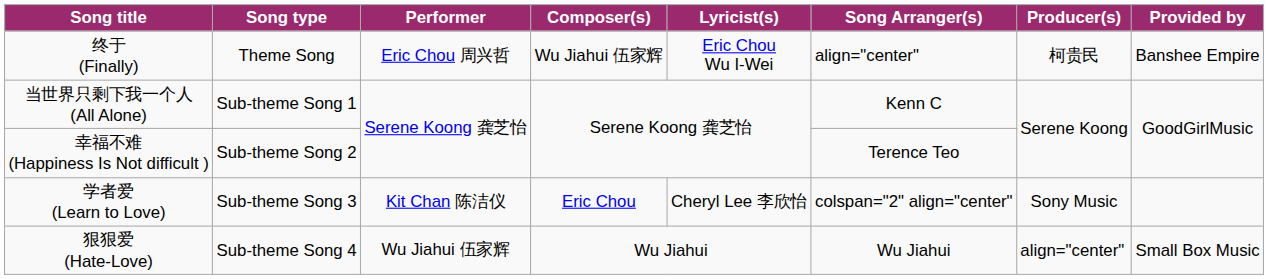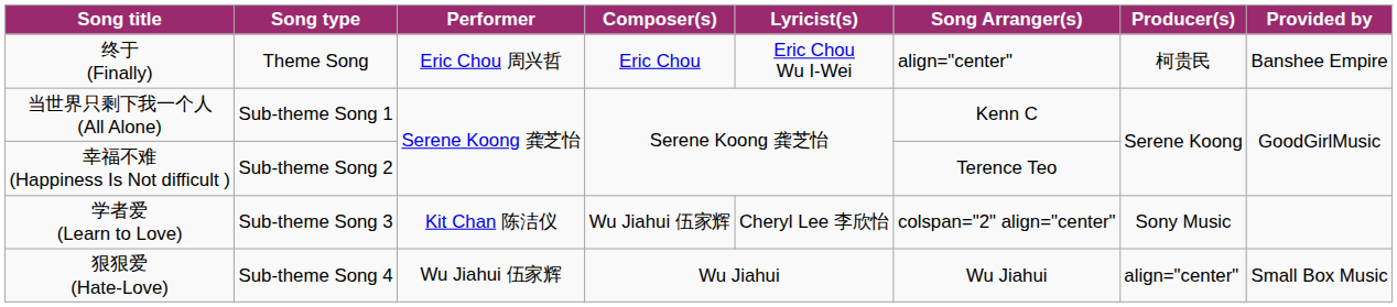 <table class="wikitable" align=center>
 <tr>
 <th style="background:#9A296D; color:white">Song title</th>
 <th style="background:#9A296D; color:white">Song type</th>
 <th style="background:#9A296D; color:white">Performer</th>
 <th style="background:#9A296D; color:white">Composer(s)</th>
 <th style="background:#9A296D; color:white">Lyricist(s)</th>
 <th style="background:#9A296D; color:white">Song Arranger(s)</th>
 <th style="background:#9A296D; color:white">Producer(s)</th>
 <th style="background:#9A296D; color:white">Provided by</th>
 </tr>
 <tr>
 <td align="center">终于 <br> (Finally)</td>
 <td align="center">Theme Song</td>
 <td align="center"><a href='#'>Eric Chou</a> 周兴哲</td>
-<td align="center">Wu Jiahui 伍家辉</td>
+<td align="center"><a href='#'>Eric Chou</a></td>
 <td align="center"><a href='#'>Eric Chou</a> <br> Wu I-Wei</td>
 <td>align="center" </td>
 <td align="center">柯贵民</td>
 <td align="center">Banshee Empire</td>
 </tr>
 <tr>
 <td align="center">当世界只剩下我一个人 <br> (All Alone)</td>
 <td align="center">Sub-theme Song 1</td>
 <td rowspan="2" align="center"><a href='#'>Serene Koong</a> 龚芝怡</td>
 <td colspan="2" rowspan="2" align="center">Serene Koong 龚芝怡</td>
 <td align="center">Kenn C</td>
 <td rowspan="2" align="center">Serene Koong</td>
 <td rowspan="2" align="center">GoodGirlMusic</td>
 </tr>
 <tr>
 <td align="center">幸福不难 <br> (Happiness Is Not difficult )</td>
 <td align="center">Sub-theme Song 2</td>
 <td align="center">Terence Teo</td>
 </tr>
 <tr>
 <td align="center">学者爱 <br> (Learn to Love)</td>
 <td align="center">Sub-theme Song 3</td>
 <td align="center"><a href='#'>Kit Chan</a> 陈洁仪</td>
-<td align="center"><a href='#'>Eric Chou</a></td>
+<td align="center">Wu Jiahui 伍家辉</td>
 <td align="center">Cheryl Lee 李欣怡</td>
 <td>colspan="2" align="center" </td>
 <td align="center">Sony Music</td>
 </tr>
 <tr>
 <td align="center">狠狠爱 <br> (Hate-Love)</td>
 <td align="center">Sub-theme Song 4</td>
 <td align="center">Wu Jiahui 伍家辉</td>
 <td colspan="2" align="center">Wu Jiahui</td>
 <td align="center">Wu Jiahui</td>
 <td>align="center" </td>
 <td align="center">Small Box Music</td>
 </tr>
 </table>
